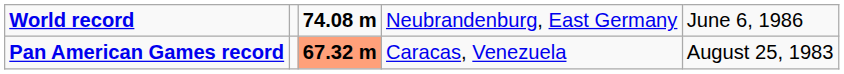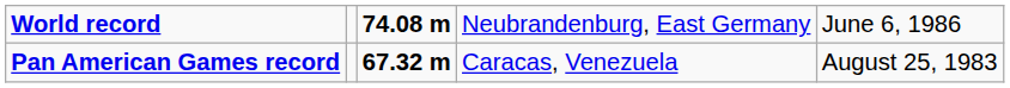 <table class="wikitable">
 <tr>
 <td><strong><a href='#'>World record</a></strong></td>
 <td></td>
 <td><strong>74.08 m</strong></td>
 <td><a href='#'>Neubrandenburg</a>, <a href='#'>East Germany</a></td>
 <td>June 6, 1986</td>
 </tr>
 <tr>
 <td><strong><a href='#'>Pan American Games record</a></strong></td>
 <td></td>
-<td style="background: lightsalmon;"><strong>67.32 m</strong></td>
+<td><strong>67.32 m</strong></td>
 <td><a href='#'>Caracas</a>, <a href='#'>Venezuela</a></td>
 <td>August 25, 1983</td>
 </tr>
 </table>
